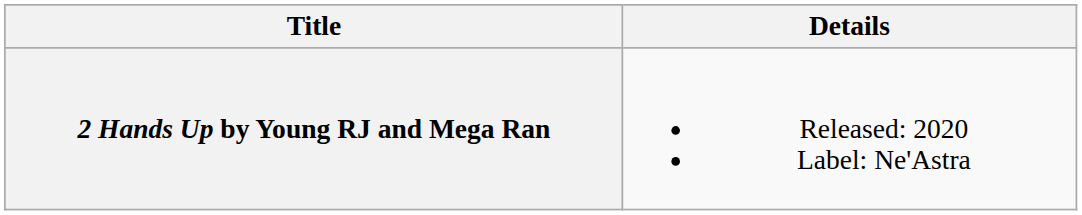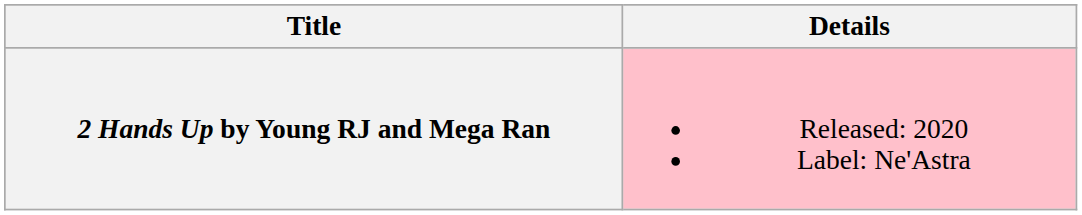 <table class="wikitable plainrowheaders" style="text-align:center;">
 <tr>
 <th scope="col" style="width:22em;">Title</th>
 <th scope="col" style="width:16em;">Details</th>
 </tr>
 <tr>
 <th scope="row"><em>2 Hands Up</em> by Young RJ and Mega Ran</th>
-<td><br><ul><li>Released: 2020</li><li>Label: Ne'Astra</li></ul></td>
+<td style="background: pink;"><br><ul><li>Released: 2020</li><li>Label: Ne'Astra</li></ul></td>
 </tr>
 </table>
